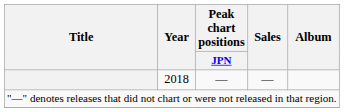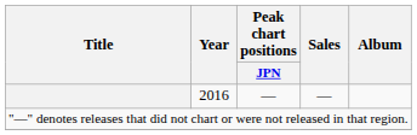 <table class="wikitable plainrowheaders" style="text-align:center;">
 <tr>
 <th scope="col" rowspan="2" style="width:12em;">Title</th>
 <th scope="col" rowspan="2">Year</th>
 <th scope="col" colspan="1">Peak chart positions</th>
 <th scope="col" rowspan="2">Sales</th>
 <th scope="col" rowspan="2">Album</th>
 </tr>
 <tr>
 <th scope="col" style="width:3em;font-size:90%;"><a href='#'>JPN</a></th>
 </tr>
 <tr>
 <th scope="row"></th>
-<td>2018</td>
+<td>2016</td>
 <td>—</td>
 <td>—</td>
 <td></td>
 </tr>
 <tr>
 <td colspan="5" style="font-size:90%;">"—" denotes releases that did not chart or were not released in that region.</td>
 </tr>
 <tr>
 </tr>
 </table>
